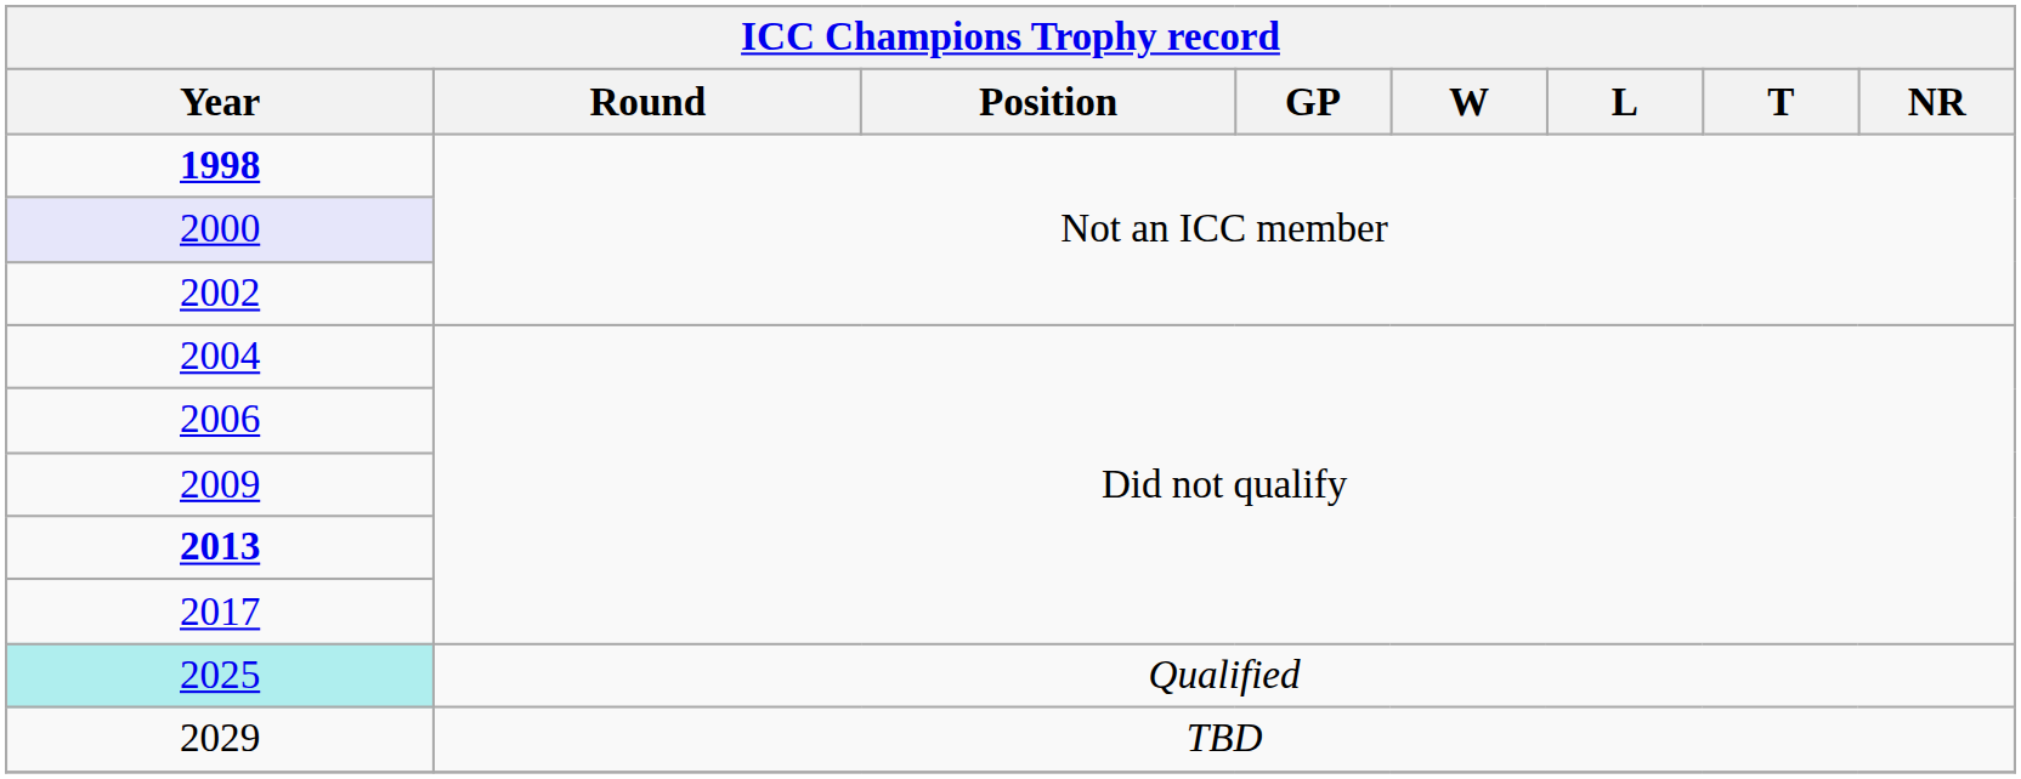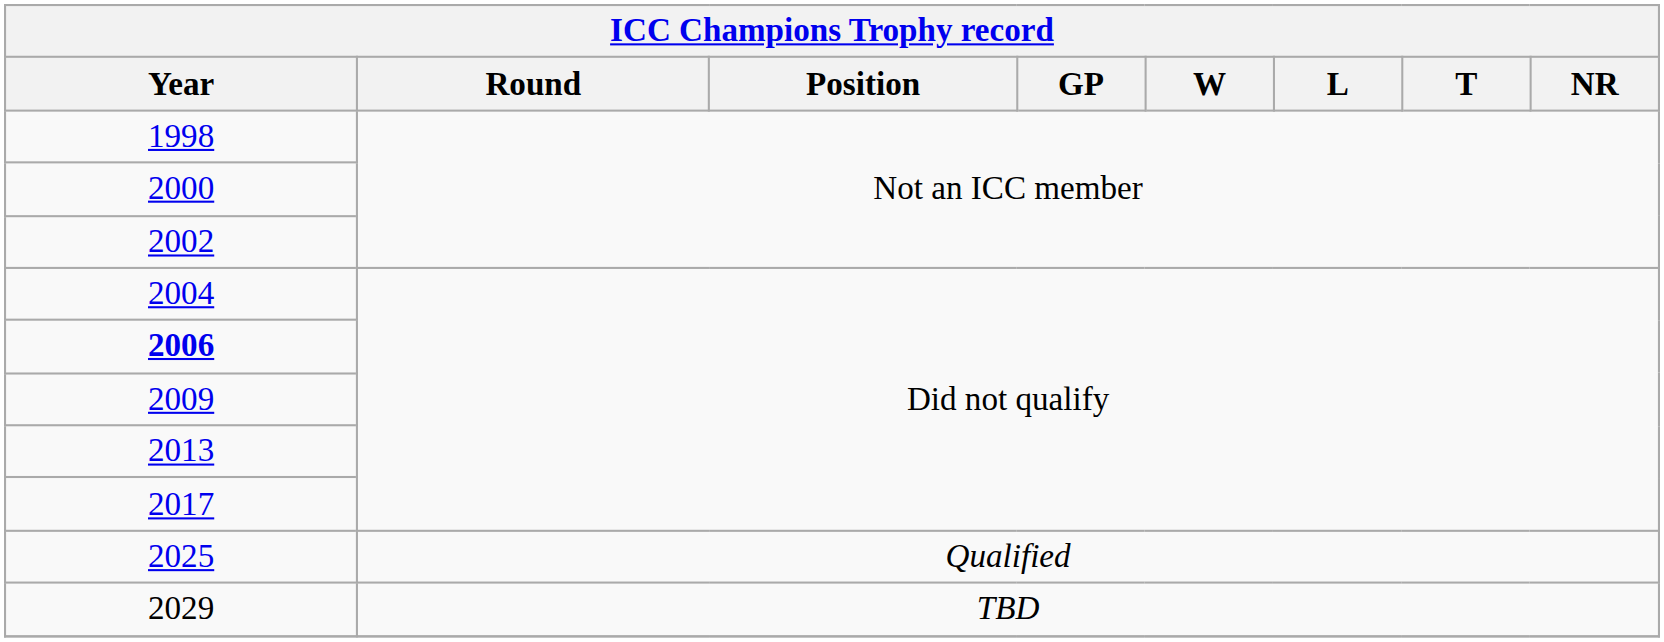 <table class="wikitable" style="text-align: center; width:800px">
 <tr>
 <th colspan=9><a href='#'> ICC Champions Trophy record</a></th>
 </tr>
 <tr>
 <th width=150>Year</th>
 <th width=150>Round</th>
 <th width=130>Position</th>
 <th width=50>GP</th>
 <th width=50>W</th>
 <th width=50>L</th>
 <th width=50>T</th>
 <th width=50>NR</th>
 </tr>
 <tr>
-<td><strong> <a href='#'>1998</a></strong></td>
+<td> <a href='#'>1998</a></td>
 <td colspan="7" rowspan="3">Not an ICC member</td>
 </tr>
 <tr>
-<td style="background: lavender;"> <a href='#'>2000</a></td>
+<td> <a href='#'>2000</a></td>
 </tr>
 <tr>
 <td> <a href='#'>2002</a></td>
 </tr>
 <tr>
 <td> <a href='#'>2004</a></td>
 <td colspan="7" rowspan="5">Did not qualify</td>
 </tr>
 <tr>
-<td> <a href='#'>2006</a></td>
+<td><strong> <a href='#'>2006</a></strong></td>
 </tr>
 <tr>
 <td> <a href='#'>2009</a></td>
 </tr>
 <tr>
-<td><strong>  <a href='#'>2013</a></strong></td>
+<td>  <a href='#'>2013</a></td>
 </tr>
 <tr>
 <td>  <a href='#'>2017</a></td>
 </tr>
 <tr>
-<td style="background: paleturquoise;">  <a href='#'>2025</a></td>
+<td>  <a href='#'>2025</a></td>
 <td colspan="7"><em>Qualified</em></td>
 </tr>
 <tr>
 <td> 2029</td>
 <td colspan="7"><em>TBD</em></td>
 </tr>
 <tr>
 </tr>
 </table>
